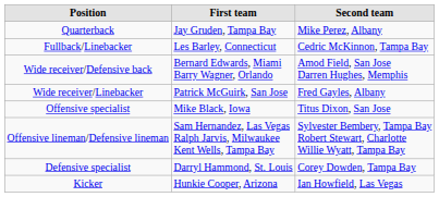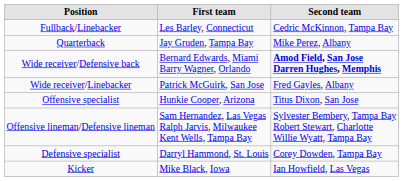 <table class="wikitable">
 <tr>
 <th style="background:#e3e3e3;">Position</th>
 <th style="background:#e3e3e3;">First team</th>
 <th style="background:#e3e3e3;">Second team</th>
 </tr>
 <tr>
+<td align=center><a href='#'>Fullback</a>/<a href='#'>Linebacker</a></td>
+<td><a href='#'>Les Barley</a>, <a href='#'>Connecticut</a></td>
+<td><a href='#'>Cedric McKinnon</a>, <a href='#'>Tampa Bay</a></td>
+</tr>
+<tr>
 <td align=center><a href='#'>Quarterback</a></td>
 <td><a href='#'>Jay Gruden</a>, <a href='#'>Tampa Bay</a></td>
 <td><a href='#'>Mike Perez</a>, <a href='#'>Albany</a></td>
 </tr>
 <tr>
-<td align=center><a href='#'>Fullback</a>/<a href='#'>Linebacker</a></td>
-<td><a href='#'>Les Barley</a>, <a href='#'>Connecticut</a></td>
-<td><a href='#'>Cedric McKinnon</a>, <a href='#'>Tampa Bay</a></td>
-</tr>
-<tr>
 <td align=center><a href='#'>Wide receiver</a>/<a href='#'>Defensive back</a></td>
 <td><a href='#'>Bernard Edwards</a>, <a href='#'>Miami</a><br><a href='#'>Barry Wagner</a>, <a href='#'>Orlando</a></td>
-<td><a href='#'>Amod Field</a>, <a href='#'>San Jose</a><br><a href='#'>Darren Hughes</a>, <a href='#'>Memphis</a></td>
+<td><strong><a href='#'>Amod Field</a>, <a href='#'>San Jose</a><br><a href='#'>Darren Hughes</a>, <a href='#'>Memphis</a></strong></td>
 </tr>
 <tr>
 <td align=center><a href='#'>Wide receiver</a>/<a href='#'>Linebacker</a></td>
 <td><a href='#'>Patrick McGuirk</a>, <a href='#'>San Jose</a></td>
 <td><a href='#'>Fred Gayles</a>, <a href='#'>Albany</a></td>
 </tr>
 <tr>
 <td align=center><a href='#'>Offensive specialist</a></td>
-<td><a href='#'>Mike Black</a>, <a href='#'>Iowa</a></td>
+<td><a href='#'>Hunkie Cooper</a>, <a href='#'>Arizona</a></td>
 <td><a href='#'>Titus Dixon</a>, <a href='#'>San Jose</a></td>
 </tr>
 <tr>
 <td align=center><a href='#'>Offensive lineman</a>/<a href='#'>Defensive lineman</a></td>
 <td><a href='#'>Sam Hernandez</a>, <a href='#'>Las Vegas</a><br><a href='#'>Ralph Jarvis</a>, <a href='#'>Milwaukee</a><br><a href='#'>Kent Wells</a>, <a href='#'>Tampa Bay</a></td>
 <td><a href='#'>Sylvester Bembery</a>, <a href='#'>Tampa Bay</a><br><a href='#'>Robert Stewart</a>, <a href='#'>Charlotte</a><br><a href='#'>Willie Wyatt</a>, <a href='#'>Tampa Bay</a></td>
 </tr>
 <tr>
 <td align=center><a href='#'>Defensive specialist</a></td>
 <td><a href='#'>Darryl Hammond</a>, <a href='#'>St. Louis</a></td>
 <td><a href='#'>Corey Dowden</a>, <a href='#'>Tampa Bay</a></td>
 </tr>
 <tr>
 <td align=center><a href='#'>Kicker</a></td>
-<td><a href='#'>Hunkie Cooper</a>, <a href='#'>Arizona</a></td>
+<td><a href='#'>Mike Black</a>, <a href='#'>Iowa</a></td>
 <td><a href='#'>Ian Howfield</a>, <a href='#'>Las Vegas</a></td>
 </tr>
 </table>
